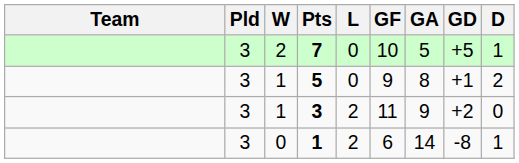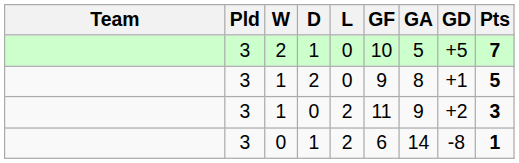 <table class="wikitable" style="text-align: center;">
 <tr>
 <th width="175">Team</th>
 <th width="20">Pld</th>
 <th width="20">W</th>
-<th width="20">Pts</th>
+<th width="20">D</th>
 <th width="20">L</th>
 <th width="20">GF</th>
 <th width="20">GA</th>
 <th width="20">GD</th>
-<th width="20">D</th>
+<th width="20">Pts</th>
 </tr>
 <tr bgcolor="#ccffcc">
 <td style="text-align:left;"></td>
 <td>3</td>
 <td>2</td>
-<td><strong>7</strong></td>
+<td>1</td>
 <td>0</td>
 <td>10</td>
 <td>5</td>
 <td>+5</td>
-<td>1</td>
+<td><strong>7</strong></td>
 </tr>
 <tr align=center>
 <td style="text-align:left;"><strong></strong></td>
 <td>3</td>
 <td>1</td>
-<td><strong>5</strong></td>
+<td>2</td>
 <td>0</td>
 <td>9</td>
 <td>8</td>
 <td>+1</td>
-<td>2</td>
+<td><strong>5</strong></td>
 </tr>
 <tr align=center>
 <td style="text-align:left;"></td>
 <td>3</td>
 <td>1</td>
-<td><strong>3</strong></td>
+<td>0</td>
 <td>2</td>
 <td>11</td>
 <td>9</td>
 <td>+2</td>
-<td>0</td>
+<td><strong>3</strong></td>
 </tr>
 <tr align=center>
 <td style="text-align:left;"></td>
 <td>3</td>
 <td>0</td>
-<td><strong>1</strong></td>
+<td>1</td>
 <td>2</td>
 <td>6</td>
 <td>14</td>
 <td>-8</td>
-<td>1</td>
+<td><strong>1</strong></td>
 </tr>
 </table>
